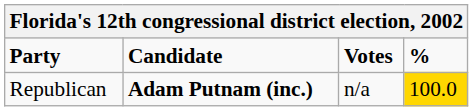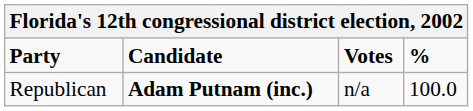 <table class="wikitable">
 <tr>
 <th colspan="4">Florida's 12th congressional district election, 2002</th>
 </tr>
 <tr>
 <td><strong>Party</strong></td>
 <td><strong>Candidate</strong></td>
 <td><strong>Votes</strong></td>
 <td><strong>%</strong></td>
 </tr>
 <tr>
 <td>Republican</td>
 <td><strong>Adam Putnam (inc.)</strong></td>
 <td>n/a</td>
-<td style="background: gold;">100.0</td>
+<td>100.0</td>
 </tr>
 </table>
